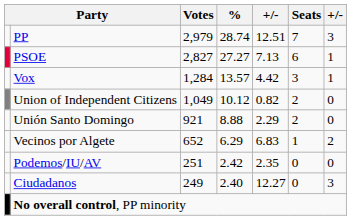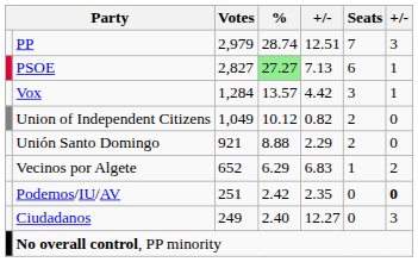 <table class="wikitable">
 <tr>
 <th colspan="2">Party</th>
 <th>Votes</th>
 <th>%</th>
 <th>+/-</th>
 <th>Seats</th>
 <th>+/-</th>
 </tr>
 <tr>
 <td></td>
 <td><a href='#'>PP</a></td>
 <td>2,979</td>
 <td>28.74</td>
 <td> 12.51</td>
 <td>7</td>
 <td> 3</td>
 </tr>
 <tr>
 <td bgcolor="#E4003B"></td>
 <td><a href='#'>PSOE</a></td>
 <td>2,827</td>
-<td>27.27</td>
+<td style="background: lightgreen;">27.27</td>
 <td> 7.13</td>
 <td>6</td>
 <td> 1</td>
 </tr>
 <tr>
 <td></td>
 <td><a href='#'>Vox</a></td>
 <td>1,284</td>
 <td>13.57</td>
 <td> 4.42</td>
 <td>3</td>
 <td> 1</td>
 </tr>
 <tr>
 <td bgcolor="grey"></td>
 <td>Union of Independent Citizens</td>
 <td>1,049</td>
 <td>10.12</td>
 <td> 0.82</td>
 <td>2</td>
 <td> 0</td>
 </tr>
 <tr>
 <td></td>
 <td>Unión Santo Domingo</td>
 <td>921</td>
 <td>8.88</td>
 <td> 2.29</td>
 <td>2</td>
 <td> 0</td>
 </tr>
 <tr>
 <td></td>
 <td>Vecinos por Algete</td>
 <td>652</td>
 <td>6.29</td>
 <td> 6.83</td>
 <td>1</td>
 <td> 2</td>
 </tr>
 <tr>
 <td></td>
 <td><a href='#'>Podemos</a>/<a href='#'>IU</a>/<a href='#'>AV</a></td>
 <td>251</td>
 <td>2.42</td>
 <td> 2.35</td>
 <td>0</td>
-<td> 0</td>
+<td><strong> 0</strong></td>
 </tr>
 <tr>
 <td></td>
 <td><a href='#'>Ciudadanos</a></td>
 <td>249</td>
 <td>2.40</td>
 <td> 12.27</td>
 <td>0</td>
 <td> 3</td>
 </tr>
 <tr>
 <td bgcolor="black"></td>
 <td colspan="6"><strong>No overall control</strong>, PP minority</td>
 </tr>
 </table>
